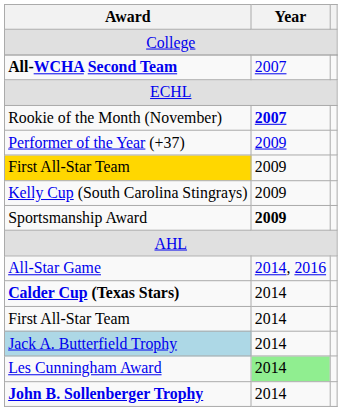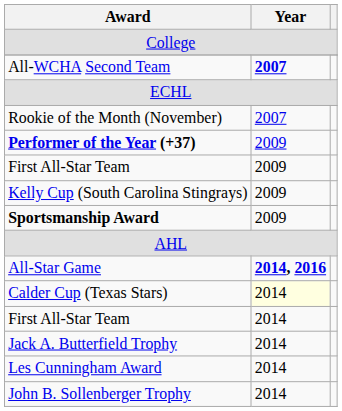 <table class="wikitable">
 <tr>
 <th>Award</th>
 <th>Year</th>
 <th></th>
 </tr>
 <tr ALIGN="center" bgcolor="#e0e0e0">
 <td colspan="3"><a href='#'>College</a></td>
 </tr>
 <tr>
 </tr>
 <tr>
-<td><strong>All-<a href='#'>WCHA</a> <a href='#'>Second Team</a></strong></td>
-<td><a href='#'>2007</a></td>
+<td>All-<a href='#'>WCHA</a> <a href='#'>Second Team</a></td>
+<td><strong><a href='#'>2007</a></strong></td>
 <td></td>
 </tr>
 <tr ALIGN="center" bgcolor="#e0e0e0">
 <td colspan="3"><a href='#'>ECHL</a></td>
 </tr>
 <tr>
 <td>Rookie of the Month (November)</td>
-<td><strong><a href='#'>2007</a></strong></td>
+<td><a href='#'>2007</a></td>
 <td></td>
 </tr>
 <tr>
-<td><a href='#'>Performer of the Year</a> (+37)</td>
+<td><strong><a href='#'>Performer of the Year</a> (+37)</strong></td>
 <td><a href='#'>2009</a></td>
 <td></td>
 </tr>
 <tr>
-<td style="background: gold;">First All-Star Team</td>
+<td>First All-Star Team</td>
 <td>2009</td>
 <td></td>
 </tr>
 <tr>
 <td><a href='#'>Kelly Cup</a> (South Carolina Stingrays)</td>
 <td>2009</td>
 <td></td>
 </tr>
 <tr>
-<td>Sportsmanship Award</td>
-<td><strong>2009</strong></td>
+<td><strong>Sportsmanship Award</strong></td>
+<td>2009</td>
 <td></td>
 </tr>
 <tr ALIGN="center" bgcolor="#e0e0e0">
 <td colspan="3"><a href='#'>AHL</a></td>
 </tr>
 <tr>
 <td><a href='#'>All-Star Game</a></td>
-<td><a href='#'>2014</a>, <a href='#'>2016</a></td>
+<td><strong><a href='#'>2014</a>, <a href='#'>2016</a></strong></td>
 <td></td>
 </tr>
 <tr>
-<td><strong><a href='#'>Calder Cup</a> (Texas Stars)</strong></td>
-<td>2014</td>
+<td><a href='#'>Calder Cup</a> (Texas Stars)</td>
+<td style="background: lightyellow;">2014</td>
 <td></td>
 </tr>
 <tr>
 <td>First All-Star Team</td>
 <td>2014</td>
 <td></td>
 </tr>
 <tr>
-<td style="background: lightblue;"><a href='#'>Jack A. Butterfield Trophy</a></td>
+<td><a href='#'>Jack A. Butterfield Trophy</a></td>
 <td>2014</td>
 <td></td>
 </tr>
 <tr>
 <td><a href='#'>Les Cunningham Award</a></td>
-<td style="background: lightgreen;">2014</td>
+<td>2014</td>
 <td></td>
 </tr>
 <tr>
-<td><strong><a href='#'>John B. Sollenberger Trophy</a></strong></td>
+<td><a href='#'>John B. Sollenberger Trophy</a></td>
 <td>2014</td>
 <td></td>
 </tr>
 </table>
